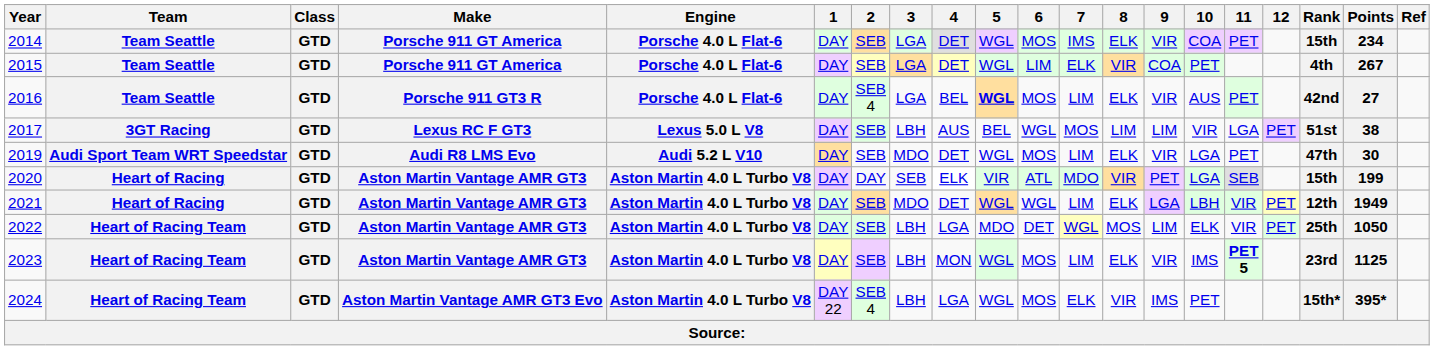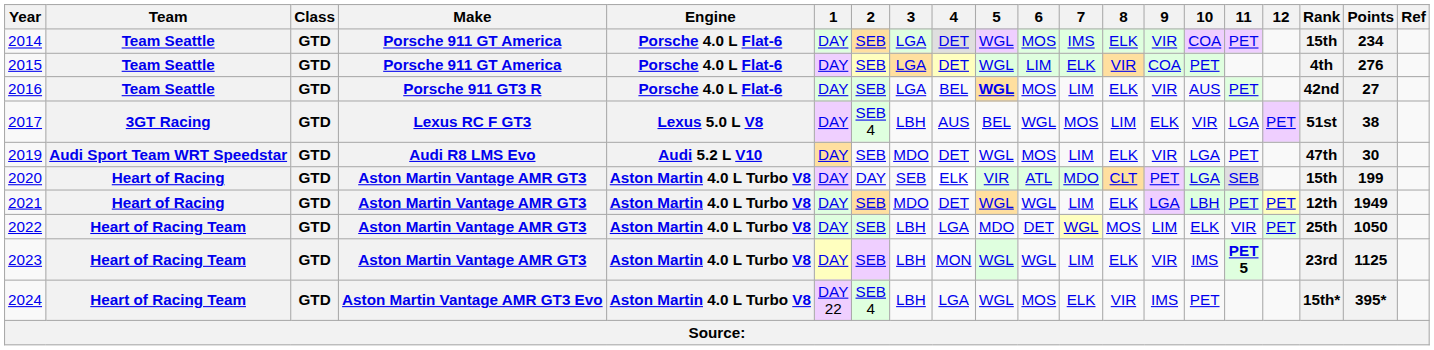 <table class="wikitable" style="text-align:center; font-size:90%">
 <tr>
 <th>Year</th>
 <th>Team</th>
 <th>Class</th>
 <th>Make</th>
 <th>Engine</th>
 <th>1</th>
 <th>2</th>
 <th>3</th>
 <th>4</th>
 <th>5</th>
 <th>6</th>
 <th>7</th>
 <th>8</th>
 <th>9</th>
 <th>10</th>
 <th>11</th>
 <th>12</th>
 <th>Rank</th>
 <th>Points</th>
 <th>Ref</th>
 </tr>
 <tr>
 <td><a href='#'>2014</a></td>
 <th><a href='#'>Team Seattle</a></th>
 <th>GTD</th>
 <th><a href='#'>Porsche 911 GT America</a></th>
 <th><a href='#'>Porsche</a> 4.0 L <a href='#'>Flat-6</a></th>
 <td style="background:#DFFFDF;"><a href='#'>DAY</a><br></td>
 <td style="background:#FFDF9F;"><a href='#'>SEB</a><br></td>
 <td style="background:#DFFFDF;"><a href='#'>LGA</a><br></td>
 <td style="background:#DFDFDF;"><a href='#'>DET</a><br></td>
 <td style="background:#EFCFFF;"><a href='#'>WGL</a><br></td>
 <td style="background:#DFFFDF;"><a href='#'>MOS</a><br></td>
 <td style="background:#DFFFDF;"><a href='#'>IMS</a><br></td>
 <td style="background:#DFFFDF;"><a href='#'>ELK</a><br></td>
 <td style="background:#DFFFDF;"><a href='#'>VIR</a><br></td>
 <td style="background:#EFCFFF;"><a href='#'>COA</a><br></td>
 <td style="background:#EFCFFF;"><a href='#'>PET</a><br></td>
 <td></td>
 <th>15th</th>
 <th>234</th>
 <td></td>
 </tr>
 <tr>
 <td><a href='#'>2015</a></td>
 <th><a href='#'>Team Seattle</a></th>
 <th>GTD</th>
 <th><a href='#'>Porsche 911 GT America</a></th>
 <th><a href='#'>Porsche</a> 4.0 L <a href='#'>Flat-6</a></th>
 <td style="background:#EFCFFF;"><a href='#'>DAY</a><br></td>
 <td style="background:#FFFFBF;"><a href='#'>SEB</a><br></td>
 <td style="background:#FFDF9F;"><a href='#'>LGA</a><br></td>
 <td style="background:#FFFFBF;"><a href='#'>DET</a><br></td>
 <td style="background:#DFFFDF;"><a href='#'>WGL</a><br></td>
 <td style="background:#DFFFDF;"><a href='#'>LIM</a><br></td>
 <td style="background:#DFFFDF;"><a href='#'>ELK</a><br></td>
 <td style="background:#FFDF9F;"><a href='#'>VIR</a><br></td>
 <td style="background:#DFFFDF;"><a href='#'>COA</a><br></td>
 <td style="background:#DFFFDF;"><a href='#'>PET</a><br></td>
 <td></td>
 <td></td>
 <th>4th</th>
-<th>267</th>
+<th>276</th>
 <td></td>
 </tr>
 <tr>
 <td><a href='#'>2016</a></td>
 <th><a href='#'>Team Seattle</a></th>
 <th>GTD</th>
 <th><a href='#'>Porsche 911 GT3 R</a></th>
 <th><a href='#'>Porsche</a> 4.0 L <a href='#'>Flat-6</a></th>
 <td style="background:#DFFFDF;"><a href='#'>DAY</a><br></td>
-<td style="background:#DFFFDF;"><a href='#'>SEB</a><br>4</td>
+<td style="background:#DFFFDF;"><a href='#'>SEB</a><br></td>
 <td style="background:#;"><a href='#'>LGA</a><br></td>
 <td style="background:#;"><a href='#'>BEL</a><br></td>
 <td style="background:#FFDF9F;"><strong><a href='#'>WGL</a></strong><br></td>
 <td style="background:#;"><a href='#'>MOS</a><br></td>
 <td style="background:#;"><a href='#'>LIM</a><br></td>
 <td style="background:#;"><a href='#'>ELK</a><br></td>
 <td style="background:#;"><a href='#'>VIR</a><br></td>
 <td style="background:#;"><a href='#'>AUS</a><br></td>
 <td style="background:#DFFFDF;"><a href='#'>PET</a><br></td>
 <td></td>
 <th>42nd</th>
 <th>27</th>
 <td></td>
 </tr>
 <tr>
 <td><a href='#'>2017</a></td>
 <th><a href='#'>3GT Racing</a></th>
 <th>GTD</th>
 <th><a href='#'>Lexus RC F GT3</a></th>
 <th><a href='#'>Lexus</a> 5.0 L <a href='#'>V8</a></th>
 <td style="background:#EFCFFF;"><a href='#'>DAY</a><br></td>
-<td style="background:#DFFFDF;"><a href='#'>SEB</a><br></td>
+<td style="background:#DFFFDF;"><a href='#'>SEB</a><br>4</td>
 <td style="background:#;"><a href='#'>LBH</a><br></td>
 <td style="background:#;"><a href='#'>AUS</a><br></td>
 <td style="background:#;"><a href='#'>BEL</a><br></td>
 <td style="background:#;"><a href='#'>WGL</a><br></td>
 <td style="background:#;"><a href='#'>MOS</a><br></td>
 <td style="background:#;"><a href='#'>LIM</a><br></td>
-<td style="background:#;”"><a href='#'>LIM</a><br></td>
+<td style="background:#;"><a href='#'>ELK</a><br></td>
 <td style="background:#;"><a href='#'>VIR</a><br></td>
 <td style="background:#;"><a href='#'>LGA</a><br></td>
 <td style="background:#EFCFFF;"><a href='#'>PET</a><br></td>
 <th>51st</th>
 <th>38</th>
 <td></td>
 </tr>
 <tr>
 <td><a href='#'>2019</a></td>
 <th><a href='#'>Audi Sport Team WRT Speedstar</a></th>
 <th>GTD</th>
 <th><a href='#'>Audi R8 LMS Evo</a></th>
 <th><a href='#'>Audi</a> 5.2 L <a href='#'>V10</a></th>
 <td style="background:#FFDF9F;”"><a href='#'>DAY</a><br></td>
 <td style="background:#;"><a href='#'>SEB</a><br></td>
 <td style="background:#;"><a href='#'>MDO</a><br></td>
 <td style="background:#;"><a href='#'>DET</a><br></td>
 <td style="background:#;"><a href='#'>WGL</a><br></td>
 <td style="background:#;"><a href='#'>MOS</a><br></td>
 <td style="background:#;"><a href='#'>LIM</a><br></td>
 <td style="background:#;"><a href='#'>ELK</a><br></td>
 <td style="background:#;"><a href='#'>VIR</a><br></td>
 <td style="background:#;"><a href='#'>LGA</a><br></td>
 <td style="background:#;"><a href='#'>PET</a><br></td>
 <td></td>
 <th>47th</th>
 <th>30</th>
 <td></td>
 </tr>
 <tr>
 <td><a href='#'>2020</a></td>
 <th><a href='#'>Heart of Racing</a></th>
 <th>GTD</th>
 <th><a href='#'>Aston Martin Vantage AMR GT3</a></th>
 <th><a href='#'>Aston Martin</a> 4.0 L Turbo <a href='#'>V8</a></th>
 <td style="background:#efcfff;"><a href='#'>DAY</a><br></td>
 <td><a href='#'>DAY</a></td>
 <td><a href='#'>SEB</a></td>
 <td style="background:#ffffff;"><a href='#'>ELK</a><br></td>
 <td style="background:#dfffdf;"><a href='#'>VIR</a><br></td>
 <td style="background:#dfffdf;"><a href='#'>ATL</a><br></td>
 <td style="background:#DFFFDF;"><a href='#'>MDO</a><br></td>
-<td style="background:#FFDF9F;"><a href='#'>VIR</a><br></td>
+<td style="background:#FFDF9F;"><a href='#'>CLT</a><br></td>
 <td style="background:#efcfff;"><a href='#'>PET</a><br></td>
 <td style="background:#DFFFDF;"><a href='#'>LGA</a><br></td>
 <td style="background:#DFDFDF;"><a href='#'>SEB</a><br></td>
 <td></td>
 <th>15th</th>
 <th>199</th>
 <td></td>
 </tr>
 <tr>
 <td><a href='#'>2021</a></td>
 <th><a href='#'>Heart of Racing</a></th>
 <th>GTD</th>
 <th><a href='#'>Aston Martin Vantage AMR GT3</a></th>
 <th><a href='#'>Aston Martin</a> 4.0 L Turbo <a href='#'>V8</a></th>
 <td style="background:#DFFFDF;"><a href='#'>DAY</a><br></td>
 <td style="background:#FFDF9F;"><a href='#'>SEB</a><br></td>
 <td style="background:#;"><a href='#'>MDO</a><br></td>
 <td style="background:#;"><a href='#'>DET</a><br></td>
 <td style="background:#FFDF9F;"><a href='#'>WGL</a><br></td>
 <td style="background:#;"><a href='#'>WGL</a><br></td>
 <td style="background:#;"><a href='#'>LIM</a><br></td>
 <td style="background:#;"><a href='#'>ELK</a><br></td>
 <td style="background:#EFCFFF;"><a href='#'>LGA</a><br></td>
 <td style="background:#DFFFDF;"><a href='#'>LBH</a><br></td>
-<td style="background:#DFFFDF;"><a href='#'>VIR</a><br></td>
+<td style="background:#DFFFDF;"><a href='#'>PET</a><br></td>
 <td style="background:#FFFFBF;"><a href='#'>PET</a><br></td>
 <th>12th</th>
 <th>1949</th>
 <td></td>
 </tr>
 <tr>
 <td><a href='#'>2022</a></td>
 <th><a href='#'>Heart of Racing Team</a></th>
 <th>GTD</th>
 <th><a href='#'>Aston Martin Vantage AMR GT3</a></th>
 <th><a href='#'>Aston Martin</a> 4.0 L Turbo <a href='#'>V8</a></th>
 <td style="background:#DFFFDF;"><a href='#'>DAY</a><br></td>
 <td style="background:#DFFFDF;"><a href='#'>SEB</a><br></td>
 <td style="background:#;”"><a href='#'>LBH</a><br></td>
 <td style="background:#;”"><a href='#'>LGA</a><br></td>
 <td style="background:#;”"><a href='#'>MDO</a><br></td>
 <td style="background:#;”"><a href='#'>DET</a><br></td>
 <td style="background:#FFFFBF;"><a href='#'>WGL</a><br></td>
 <td style="background:#;”"><a href='#'>MOS</a><br></td>
 <td style="background:#;”"><a href='#'>LIM</a><br></td>
 <td style="background:#;”"><a href='#'>ELK</a><br></td>
 <td style="background:#;”"><a href='#'>VIR</a><br></td>
 <td style="background:#dfffdf;"><a href='#'>PET</a><br></td>
 <th>25th</th>
 <th>1050</th>
 <td></td>
 </tr>
 <tr>
 <td><a href='#'>2023</a></td>
 <th><a href='#'>Heart of Racing Team</a></th>
 <th>GTD</th>
 <th><a href='#'>Aston Martin Vantage AMR GT3</a></th>
 <th><a href='#'>Aston Martin</a> 4.0 L Turbo <a href='#'>V8</a></th>
 <td style="background:#FFFFBF;"><a href='#'>DAY</a><br></td>
 <td style="background:#EFCFFF;"><a href='#'>SEB</a><br></td>
 <td style="background:#;”"><a href='#'>LBH</a><br></td>
 <td style="background:#;”"><a href='#'>MON</a><br></td>
 <td style="background:#DFFFDF;"><a href='#'>WGL</a><br></td>
-<td style="background:#;”"><a href='#'>MOS</a><br></td>
+<td style="background:#;"><a href='#'>WGL</a><br></td>
 <td style="background:#;”"><a href='#'>LIM</a><br></td>
 <td style="background:#;”"><a href='#'>ELK</a><br></td>
 <td style="background:#;”"><a href='#'>VIR</a><br></td>
 <td style="background:#;”"><a href='#'>IMS</a><br></td>
 <td style="background:#DFFFDF;"><strong><a href='#'>PET</a><br>5</strong></td>
 <td></td>
 <th>23rd</th>
 <th>1125</th>
 <td></td>
 </tr>
 <tr>
 <td><a href='#'>2024</a></td>
 <th><a href='#'>Heart of Racing Team</a></th>
 <th>GTD</th>
 <th><a href='#'>Aston Martin Vantage AMR GT3 Evo</a></th>
 <th><a href='#'>Aston Martin</a> 4.0 L Turbo <a href='#'>V8</a></th>
 <td style="background:#EFCFFF;"><a href='#'>DAY</a><br>22</td>
 <td style="background:#DFFFDF;"><a href='#'>SEB</a><br>4</td>
 <td><a href='#'>LBH</a></td>
 <td><a href='#'>LGA</a></td>
 <td><a href='#'>WGL</a></td>
 <td><a href='#'>MOS</a></td>
 <td><a href='#'>ELK</a></td>
 <td><a href='#'>VIR</a></td>
 <td><a href='#'>IMS</a></td>
 <td><a href='#'>PET</a></td>
 <td></td>
 <td></td>
 <th>15th*</th>
 <th>395*</th>
 <td></td>
 </tr>
 <tr>
 <th colspan="20">Source:</th>
 </tr>
 </table>
